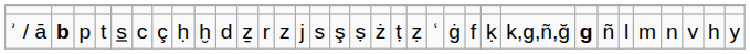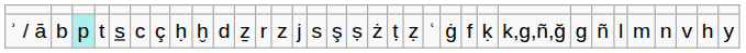 <table class="wikitable">
 <tr>
 <td></td>
 <td></td>
 <td></td>
 <td></td>
 <td></td>
 <td></td>
 <td></td>
 <td></td>
 <td></td>
 <td></td>
 <td></td>
 <td></td>
 <td></td>
 <td></td>
 <td></td>
 <td></td>
 <td></td>
 <td></td>
 <td></td>
 <td></td>
 <td></td>
 <td></td>
 <td></td>
 <td></td>
 <td></td>
 <td></td>
 <td></td>
 <td></td>
 <td></td>
 <td></td>
 <td></td>
 <td></td>
 <td></td>
 </tr>
 <tr>
 <td>ʾ / ā</td>
-<td><strong>b</strong></td>
-<td>p</td>
+<td>b</td>
+<td style="background: paleturquoise;">p</td>
 <td>t</td>
 <td><u>s</u></td>
 <td>c</td>
 <td>ç</td>
 <td>ḥ</td>
 <td>ḫ</td>
 <td>d</td>
 <td>ẕ</td>
 <td>r</td>
 <td>z</td>
 <td>j</td>
 <td>s</td>
 <td>ş</td>
 <td>ṣ</td>
 <td>ż</td>
 <td>ṭ</td>
 <td>ẓ</td>
 <td>ʿ</td>
 <td>ġ</td>
 <td>f</td>
 <td>ḳ</td>
 <td>k,g,ñ,ğ</td>
-<td><strong>g</strong></td>
+<td>g</td>
 <td>ñ</td>
 <td>l</td>
 <td>m</td>
 <td>n</td>
 <td>v</td>
 <td>h</td>
 <td>y</td>
 </tr>
 </table>
